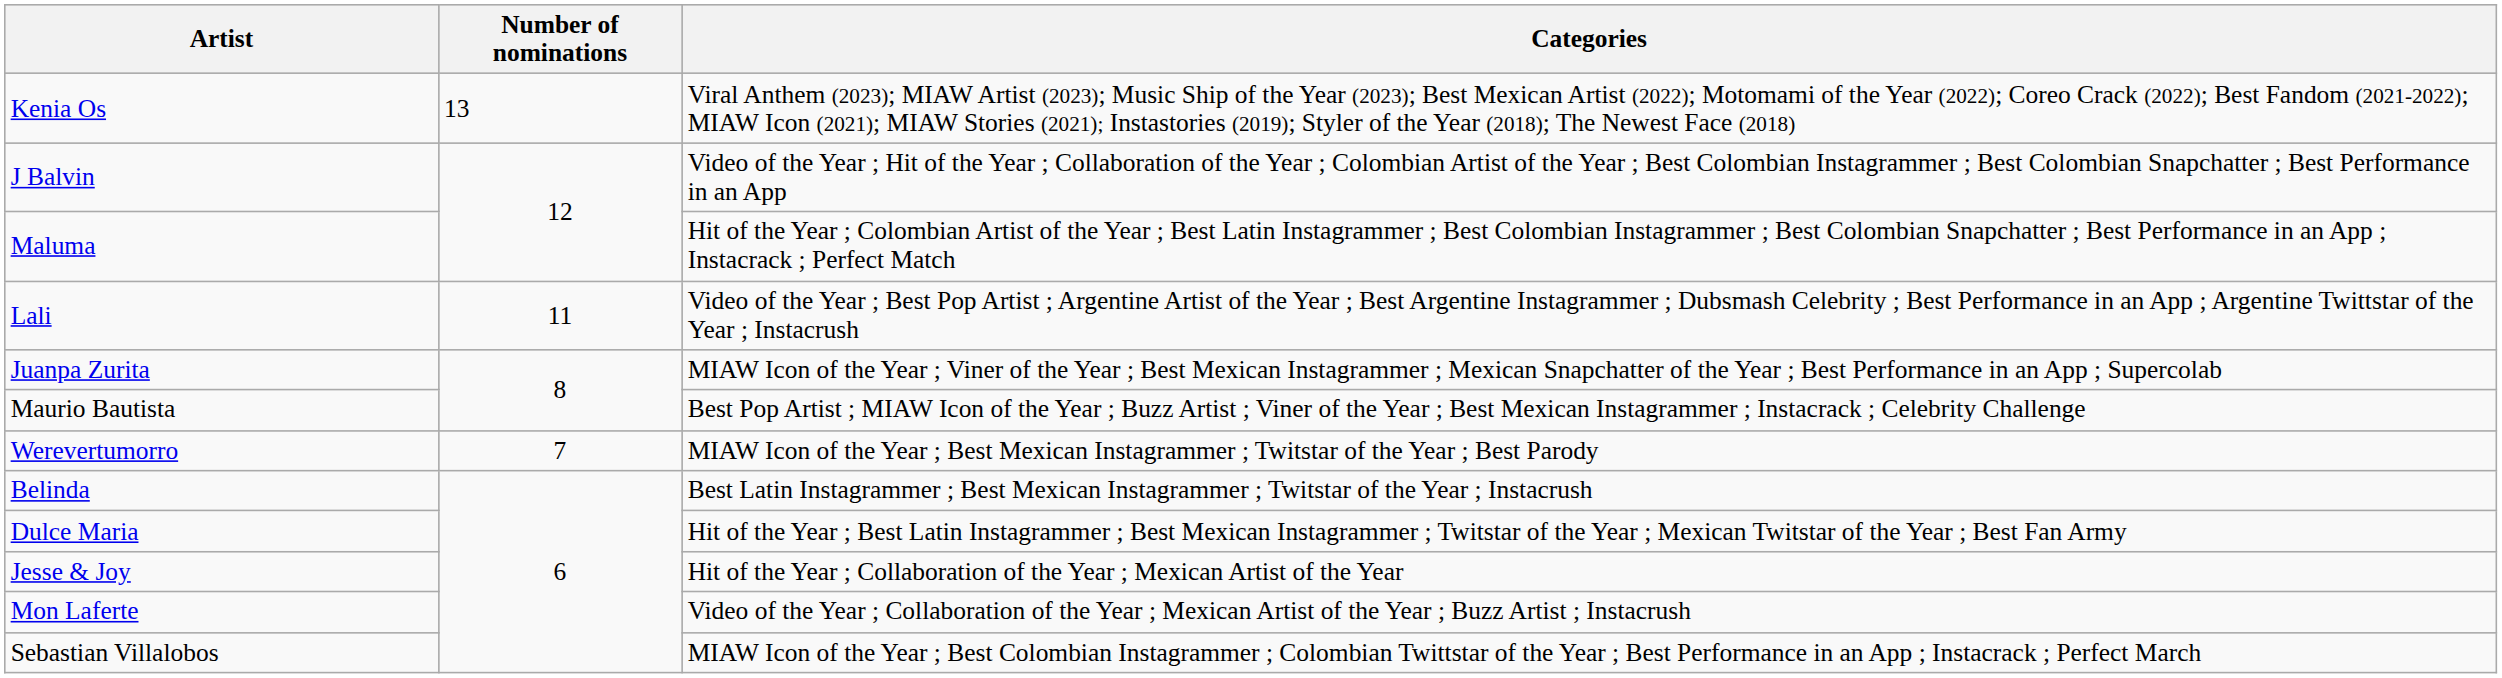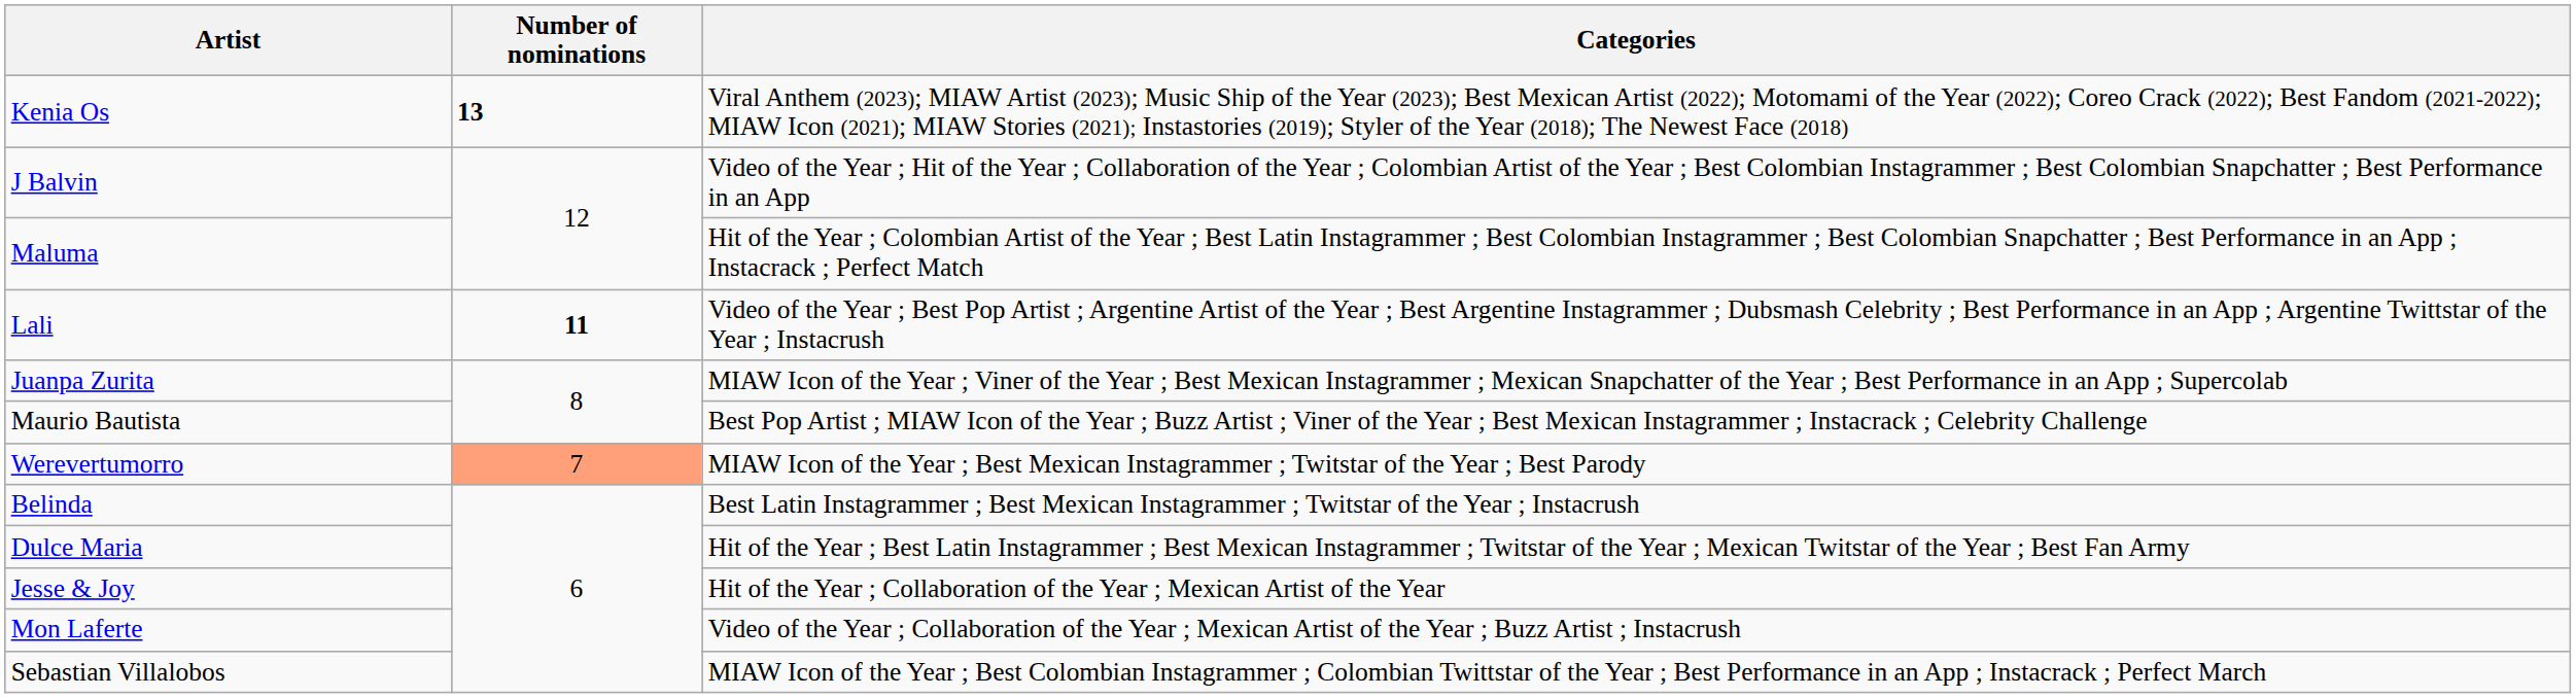 <table class="wikitable">
 <tr>
 <th style="width:16%;">Artist</th>
 <th style="width:9%;">Number of nominations</th>
 <th style="width:67%;">Categories</th>
 </tr>
 <tr>
 <td><a href='#'>Kenia Os</a></td>
-<td>13</td>
+<td><strong>13</strong></td>
 <td>Viral Anthem <small>(2023)</small>; MIAW Artist <small>(2023)</small>; Music Ship of the Year <small>(2023)</small>; Best Mexican Artist <small>(2022)</small>; Motomami of the Year <small>(2022)</small>; Coreo Crack <small>(2022)</small>; Best Fandom <small>(2021-2022)</small>; MIAW Icon <small>(2021)</small>; MIAW Stories <small>(2021);</small> Instastories <small>(2019)</small>; Styler of the Year <small>(2018)</small>; The Newest Face <small>(2018)</small></td>
 </tr>
 <tr>
 <td><a href='#'>J Balvin</a></td>
 <td align="center" rowspan="2">12</td>
 <td>Video of the Year ; Hit of the Year ; Collaboration of the Year ; Colombian Artist of the Year ; Best Colombian Instagrammer ; Best Colombian Snapchatter ; Best Performance in an App </td>
 </tr>
 <tr>
 <td><a href='#'>Maluma</a></td>
 <td>Hit of the Year ; Colombian Artist of the Year ; Best Latin Instagrammer ; Best Colombian Instagrammer ; Best Colombian Snapchatter ; Best Performance in an App ; Instacrack ; Perfect Match </td>
 </tr>
 <tr>
 <td><a href='#'>Lali</a></td>
-<td align="center">11</td>
+<td align="center"><strong>11</strong></td>
 <td>Video of the Year ; Best Pop Artist ; Argentine Artist of the Year ; Best Argentine Instagrammer ; Dubsmash Celebrity ; Best Performance in an App ;  Argentine Twittstar of the Year ; Instacrush </td>
 </tr>
 <tr>
 <td><a href='#'>Juanpa Zurita</a></td>
 <td align="center" rowspan="2">8</td>
 <td>MIAW Icon of the Year ; Viner of the Year ; Best Mexican Instagrammer ;  Mexican Snapchatter of the Year ; Best Performance in an App ; Supercolab </td>
 </tr>
 <tr>
 <td>Maurio Bautista</td>
 <td>Best Pop Artist ; MIAW Icon of the Year ; Buzz Artist ; Viner of the Year ; Best Mexican Instagrammer ; Instacrack ; Celebrity Challenge </td>
 </tr>
 <tr>
 <td><a href='#'>Werevertumorro</a></td>
-<td align="center">7</td>
+<td align="center" style="background: lightsalmon;">7</td>
 <td>MIAW Icon of the Year ; Best Mexican Instagrammer ; Twitstar of the Year ; Best Parody </td>
 </tr>
 <tr>
 <td><a href='#'>Belinda</a></td>
 <td align="center" rowspan="5">6</td>
 <td>Best Latin Instagrammer ; Best Mexican Instagrammer ; Twitstar of the Year ; Instacrush </td>
 </tr>
 <tr>
 <td><a href='#'>Dulce Maria</a></td>
 <td>Hit of the Year ; Best Latin Instagrammer ; Best Mexican Instagrammer ; Twitstar of the Year ; Mexican Twitstar of the Year ; Best Fan Army </td>
 </tr>
 <tr>
 <td><a href='#'>Jesse & Joy</a></td>
 <td>Hit of the Year ; Collaboration of the Year ; Mexican Artist of the Year </td>
 </tr>
 <tr>
 <td><a href='#'>Mon Laferte</a></td>
 <td>Video of the Year ; Collaboration of the Year ; Mexican Artist of the Year ; Buzz Artist ; Instacrush </td>
 </tr>
 <tr>
 <td>Sebastian Villalobos</td>
 <td>MIAW Icon of the Year ; Best Colombian Instagrammer ; Colombian Twittstar of the Year ; Best Performance in an App ; Instacrack ; Perfect March </td>
 </tr>
 </table>
